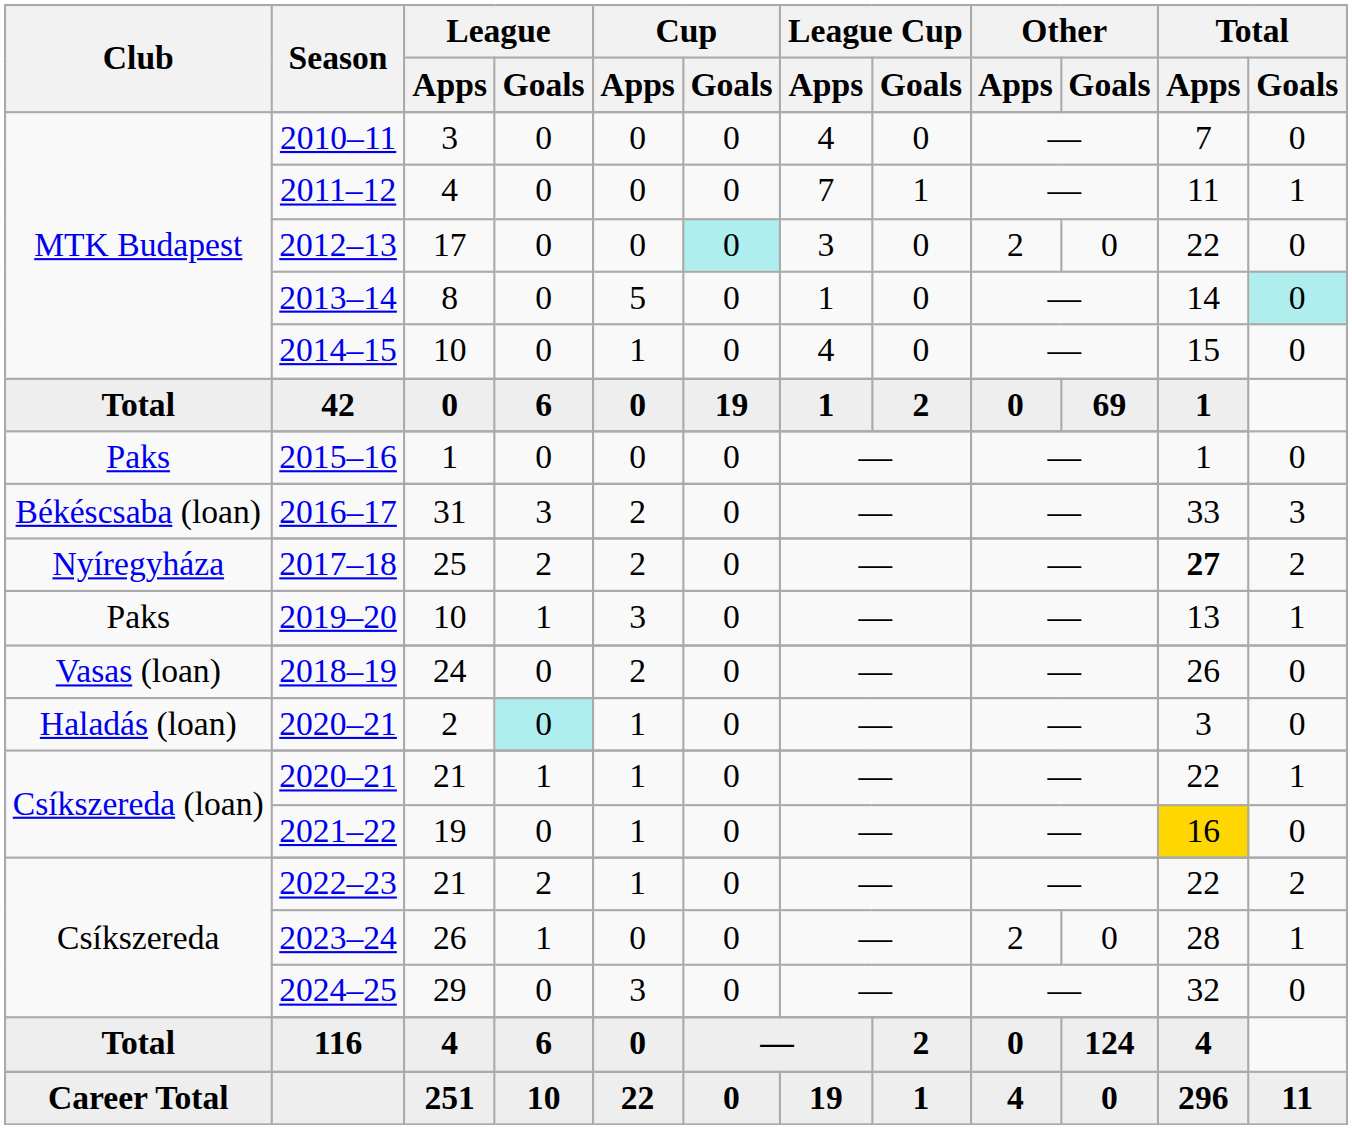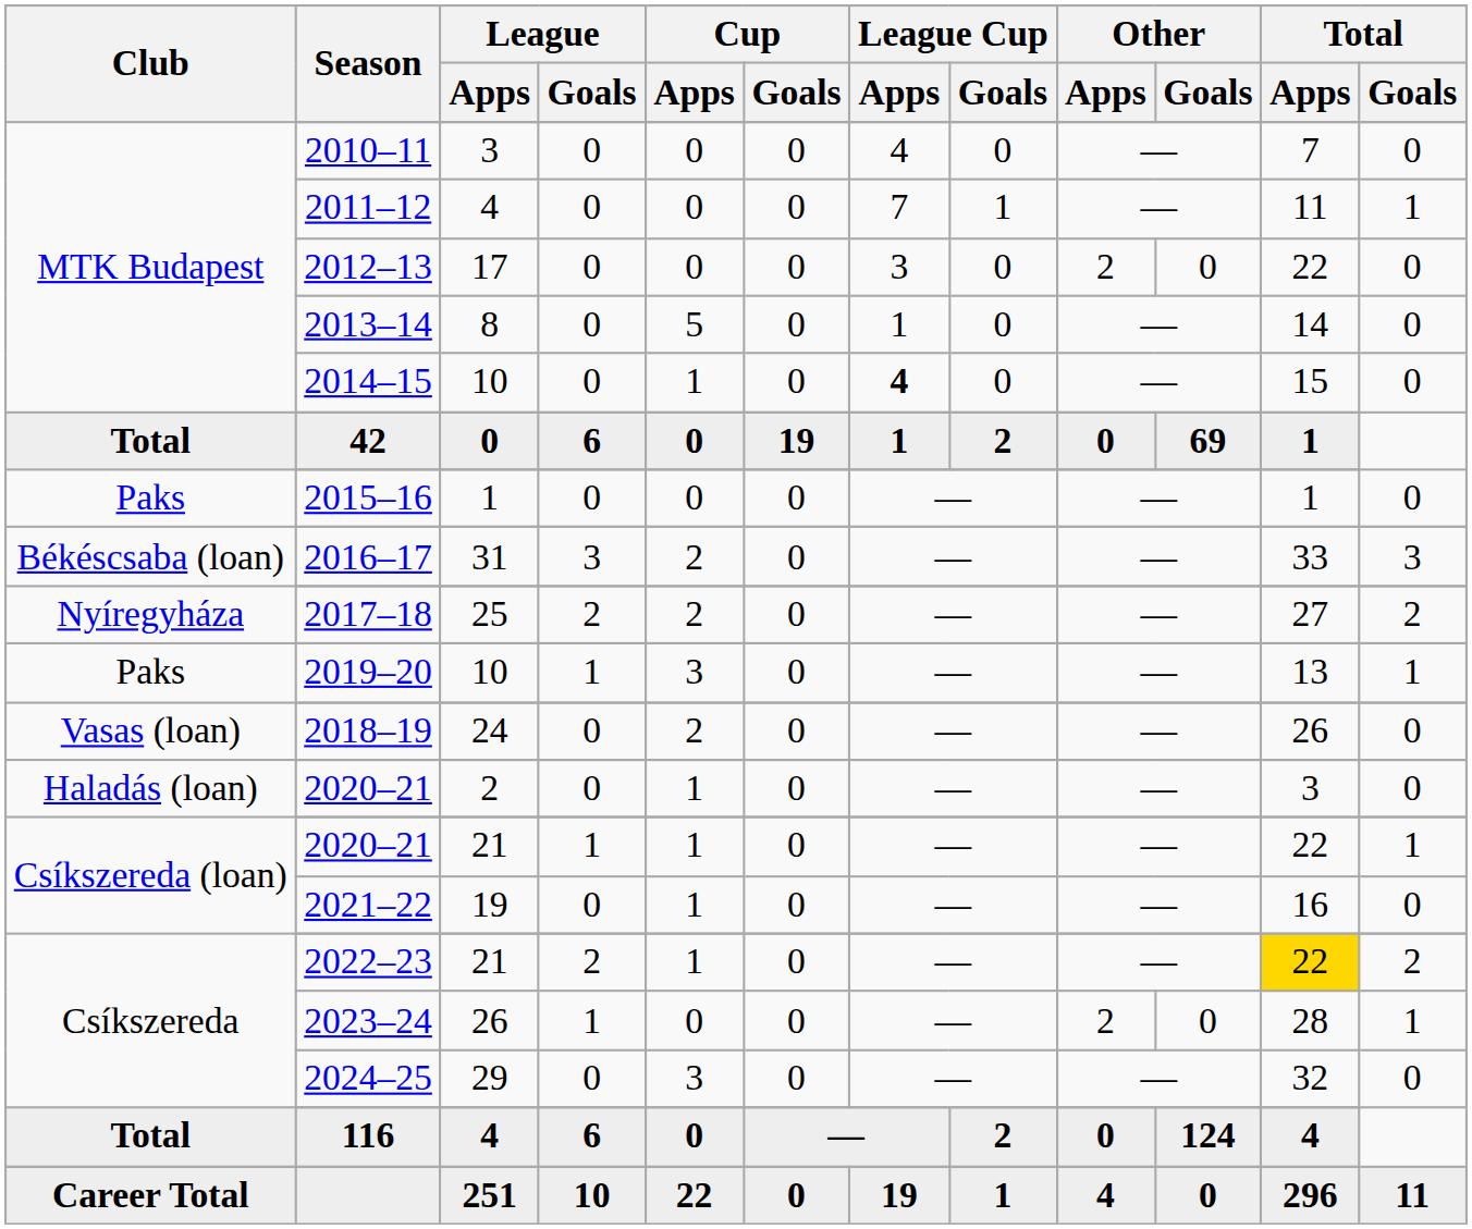 <table class="wikitable" style="font-size:100%; text-align: center;">
 <tr>
 <th rowspan="2">Club</th>
 <th rowspan="2">Season</th>
 <th colspan="2">League</th>
 <th colspan="2">Cup</th>
 <th colspan="2">League Cup</th>
 <th colspan="2">Other</th>
 <th colspan="2">Total</th>
 </tr>
 <tr>
 <th>Apps</th>
 <th>Goals</th>
 <th>Apps</th>
 <th>Goals</th>
 <th>Apps</th>
 <th>Goals</th>
 <th>Apps</th>
 <th>Goals</th>
 <th>Apps</th>
 <th>Goals</th>
 </tr>
 <tr ||-||-||-|->
 <td rowspan="7" valign="center"><a href='#'>MTK Budapest</a></td>
 </tr>
 <tr>
 <td><a href='#'>2010–11</a></td>
 <td>3</td>
 <td>0</td>
 <td>0</td>
 <td>0</td>
 <td>4</td>
 <td>0</td>
 <td colspan="2">—</td>
 <td>7</td>
 <td>0</td>
 </tr>
 <tr>
 <td><a href='#'>2011–12</a></td>
 <td>4</td>
 <td>0</td>
 <td>0</td>
 <td>0</td>
 <td>7</td>
 <td>1</td>
 <td colspan="2">—</td>
 <td>11</td>
 <td>1</td>
 </tr>
 <tr>
 <td><a href='#'>2012–13</a></td>
 <td>17</td>
 <td>0</td>
 <td>0</td>
-<td style="background: paleturquoise;">0</td>
+<td>0</td>
 <td>3</td>
 <td>0</td>
 <td>2</td>
 <td>0</td>
 <td>22</td>
 <td>0</td>
 </tr>
 <tr>
 <td><a href='#'>2013–14</a></td>
 <td>8</td>
 <td>0</td>
 <td>5</td>
 <td>0</td>
 <td>1</td>
 <td>0</td>
 <td colspan="2">—</td>
 <td>14</td>
-<td style="background: paleturquoise;">0</td>
+<td>0</td>
 </tr>
 <tr>
 <td><a href='#'>2014–15</a></td>
 <td>10</td>
 <td>0</td>
 <td>1</td>
 <td>0</td>
-<td>4</td>
+<td><strong>4</strong></td>
 <td>0</td>
 <td colspan="2">—</td>
 <td>15</td>
 <td>0</td>
 </tr>
 <tr>
 </tr>
 <tr style="font-weight:bold; background-color:#eeeeee;">
 <td>Total</td>
 <td>42</td>
 <td>0</td>
 <td>6</td>
 <td>0</td>
 <td>19</td>
 <td>1</td>
 <td>2</td>
 <td>0</td>
 <td>69</td>
 <td>1</td>
 </tr>
 <tr>
 <td rowspan="2" valign="center"><a href='#'>Paks</a></td>
 </tr>
 <tr>
 <td><a href='#'>2015–16</a></td>
 <td>1</td>
 <td>0</td>
 <td>0</td>
 <td>0</td>
 <td colspan="2">—</td>
 <td colspan="2">—</td>
 <td>1</td>
 <td>0</td>
 </tr>
 <tr>
 <td rowspan="2" valign="center"><a href='#'>Békéscsaba</a> (loan)</td>
 </tr>
 <tr>
 <td><a href='#'>2016–17</a></td>
 <td>31</td>
 <td>3</td>
 <td>2</td>
 <td>0</td>
 <td colspan="2">—</td>
 <td colspan="2">—</td>
 <td>33</td>
 <td>3</td>
 </tr>
 <tr>
 <td rowspan="2" valign="center"><a href='#'>Nyíregyháza</a></td>
 </tr>
 <tr>
 <td><a href='#'>2017–18</a></td>
 <td>25</td>
 <td>2</td>
 <td>2</td>
 <td>0</td>
 <td colspan="2">—</td>
 <td colspan="2">—</td>
-<td><strong>27</strong></td>
+<td>27</td>
 <td>2</td>
 </tr>
 <tr>
 <td rowspan="2" valign="center">Paks</td>
 </tr>
 <tr>
 <td><a href='#'>2019–20</a></td>
 <td>10</td>
 <td>1</td>
 <td>3</td>
 <td>0</td>
 <td colspan="2">—</td>
 <td colspan="2">—</td>
 <td>13</td>
 <td>1</td>
 </tr>
 <tr>
 <td rowspan="2" valign="center"><a href='#'>Vasas</a> (loan)</td>
 </tr>
 <tr>
 <td><a href='#'>2018–19</a></td>
 <td>24</td>
 <td>0</td>
 <td>2</td>
 <td>0</td>
 <td colspan="2">—</td>
 <td colspan="2">—</td>
 <td>26</td>
 <td>0</td>
 </tr>
 <tr>
 <td rowspan="2" valign="center"><a href='#'>Haladás</a> (loan)</td>
 </tr>
 <tr>
 <td><a href='#'>2020–21</a></td>
 <td>2</td>
-<td style="background: paleturquoise;">0</td>
+<td>0</td>
 <td>1</td>
 <td>0</td>
 <td colspan="2">—</td>
 <td colspan="2">—</td>
 <td>3</td>
 <td>0</td>
 </tr>
 <tr>
 <td rowspan="3" valign="center"><a href='#'>Csíkszereda</a> (loan)</td>
 </tr>
 <tr>
 <td><a href='#'>2020–21</a></td>
 <td>21</td>
 <td>1</td>
 <td>1</td>
 <td>0</td>
 <td colspan="2">—</td>
 <td colspan="2">—</td>
 <td>22</td>
 <td>1</td>
 </tr>
 <tr>
 <td><a href='#'>2021–22</a></td>
 <td>19</td>
 <td>0</td>
 <td>1</td>
 <td>0</td>
 <td colspan="2">—</td>
 <td colspan="2">—</td>
-<td style="background: gold;">16</td>
+<td>16</td>
 <td>0</td>
 </tr>
 <tr>
 <td rowspan="5" valign="center">Csíkszereda</td>
 </tr>
 <tr>
 <td><a href='#'>2022–23</a></td>
 <td>21</td>
 <td>2</td>
 <td>1</td>
 <td>0</td>
 <td colspan="2">—</td>
 <td colspan="2">—</td>
-<td>22</td>
+<td style="background: gold;">22</td>
 <td>2</td>
 </tr>
 <tr>
 <td><a href='#'>2023–24</a></td>
 <td>26</td>
 <td>1</td>
 <td>0</td>
 <td>0</td>
 <td colspan="2">—</td>
 <td>2</td>
 <td>0</td>
 <td>28</td>
 <td>1</td>
 </tr>
 <tr>
 <td><a href='#'>2024–25</a></td>
 <td>29</td>
 <td>0</td>
 <td>3</td>
 <td>0</td>
 <td colspan="2">—</td>
 <td colspan="2">—</td>
 <td>32</td>
 <td>0</td>
 </tr>
 <tr>
 </tr>
 <tr style="font-weight:bold; background-color:#eeeeee;">
 <td>Total</td>
 <td>116</td>
 <td>4</td>
 <td>6</td>
 <td>0</td>
 <td colspan="2">—</td>
 <td>2</td>
 <td>0</td>
 <td>124</td>
 <td>4</td>
 </tr>
 <tr>
 </tr>
 <tr style="font-weight:bold; background-color:#eeeeee;">
 <td rowspan="2" valign="top"><strong>Career Total</strong></td>
 <td></td>
 <td>251</td>
 <td>10</td>
 <td>22</td>
 <td><strong>0</strong></td>
 <td>19</td>
 <td><strong>1</strong></td>
 <td><strong>4</strong></td>
 <td><strong>0</strong></td>
 <td>296</td>
 <td>11</td>
 </tr>
 </table>
